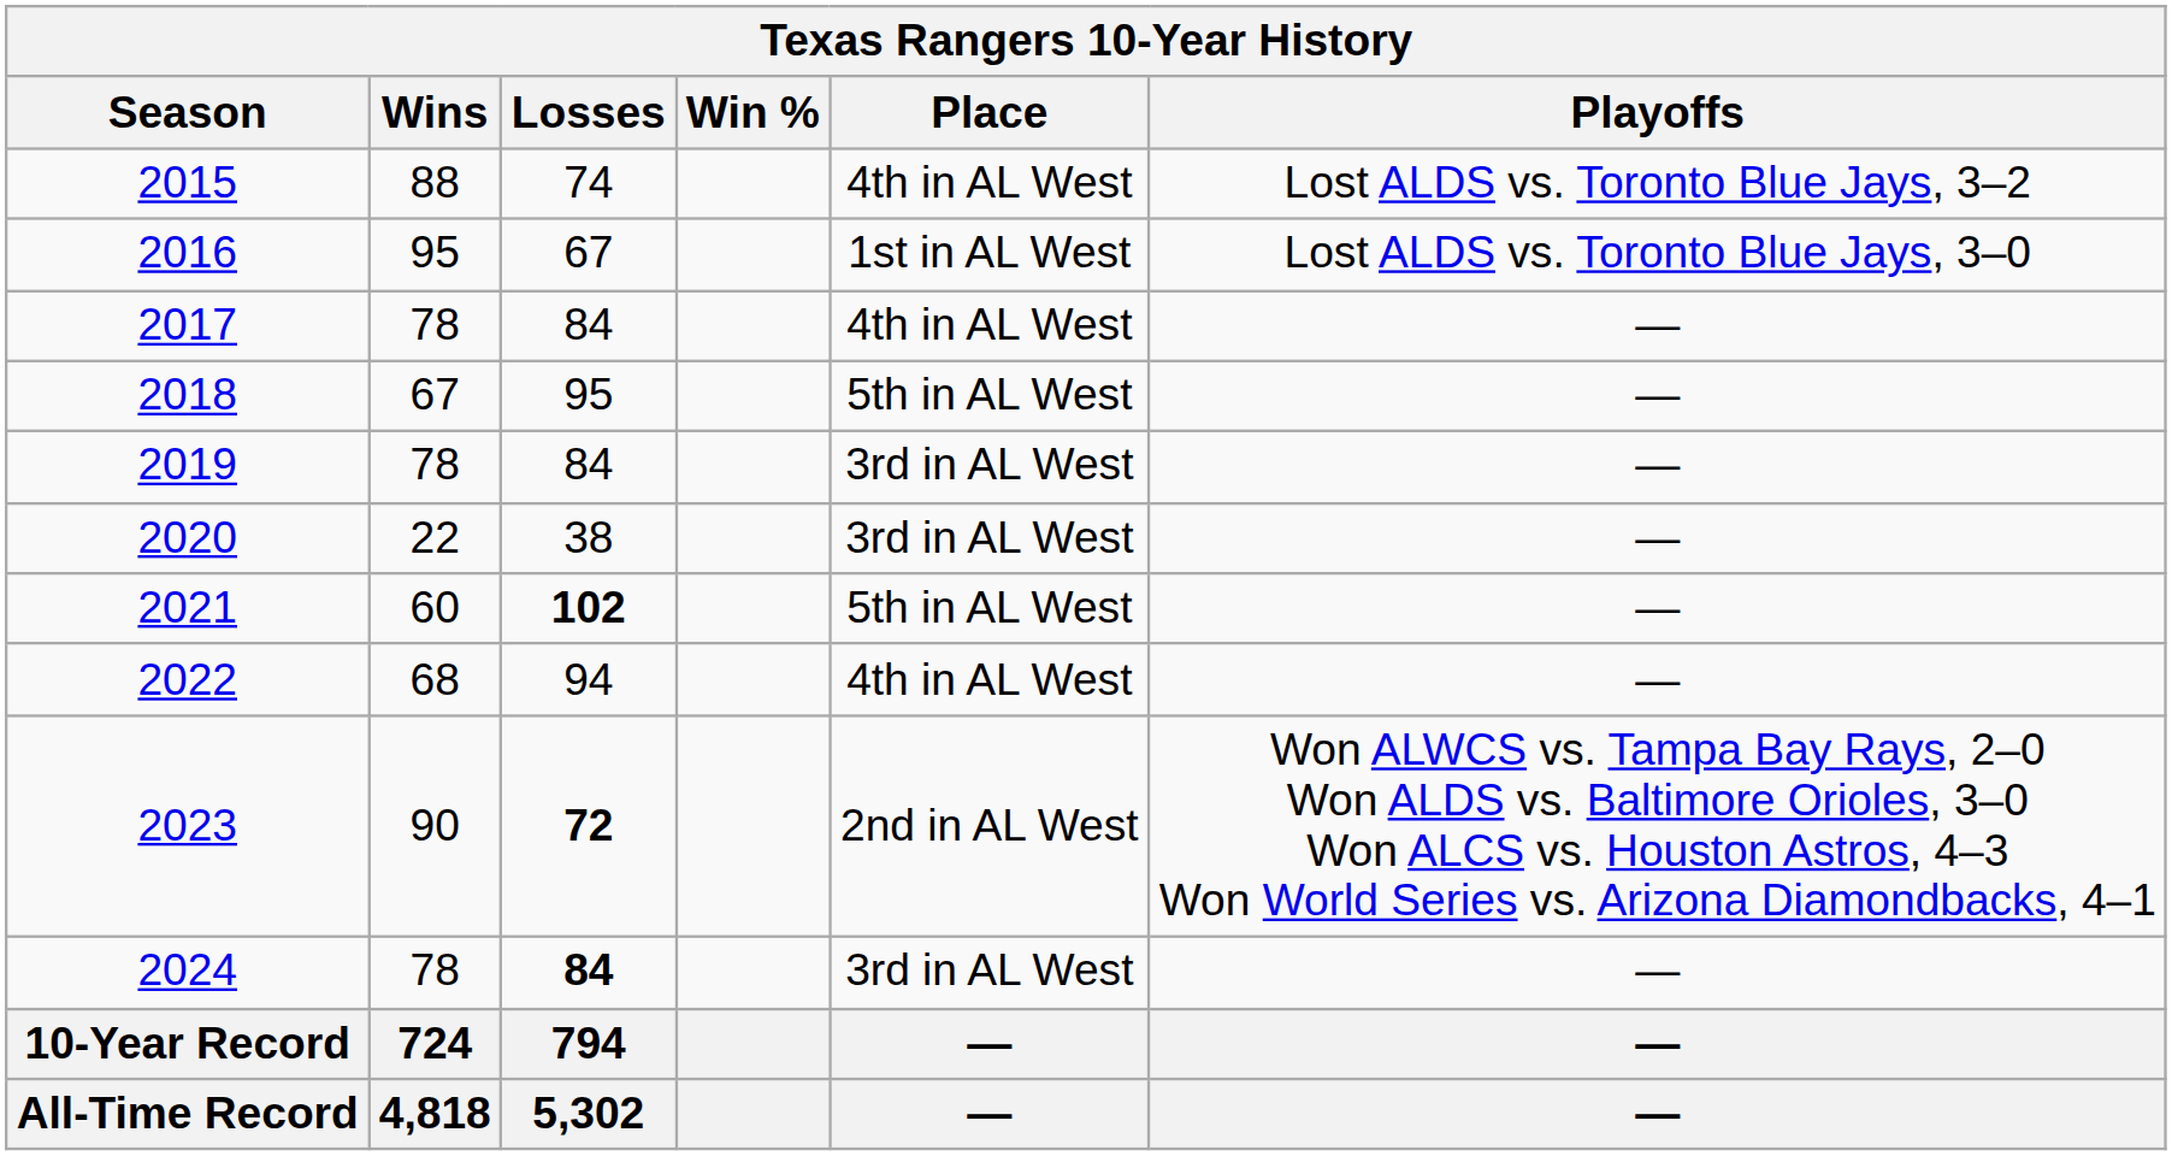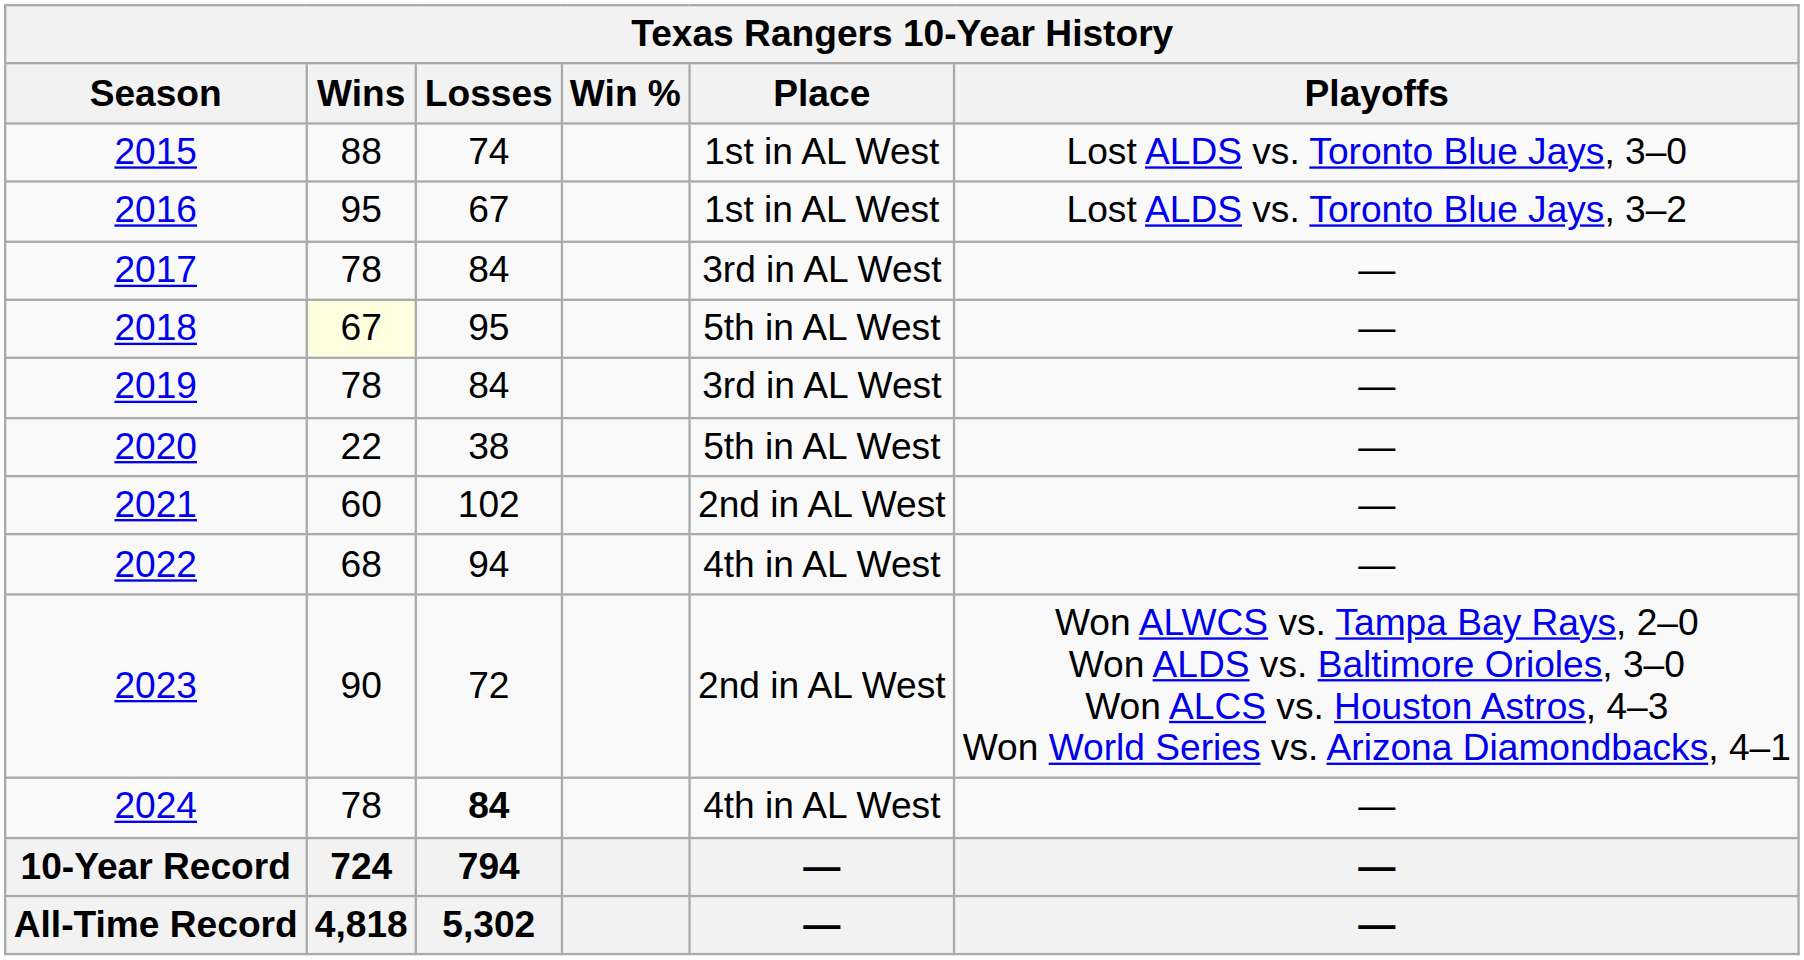 <table class="wikitable" style="text-align:center">
 <tr>
 <th colspan="6" !>Texas Rangers 10-Year History</th>
 </tr>
 <tr>
 <th>Season</th>
 <th>Wins</th>
 <th>Losses</th>
 <th>Win %</th>
 <th>Place</th>
 <th>Playoffs</th>
 </tr>
 <tr>
 <td><a href='#'>2015</a></td>
 <td>88</td>
 <td>74</td>
 <td></td>
-<td>4th in AL West</td>
-<td>Lost <a href='#'>ALDS</a> vs. <a href='#'>Toronto Blue Jays</a>, 3–2</td>
+<td>1st in AL West</td>
+<td>Lost <a href='#'>ALDS</a> vs. <a href='#'>Toronto Blue Jays</a>, 3–0</td>
 </tr>
 <tr>
 <td><a href='#'>2016</a></td>
 <td>95</td>
 <td>67</td>
 <td></td>
 <td>1st in AL West</td>
-<td>Lost <a href='#'>ALDS</a> vs. <a href='#'>Toronto Blue Jays</a>, 3–0</td>
+<td>Lost <a href='#'>ALDS</a> vs. <a href='#'>Toronto Blue Jays</a>, 3–2</td>
 </tr>
 <tr>
 <td><a href='#'>2017</a></td>
 <td>78</td>
 <td>84</td>
 <td></td>
-<td>4th in AL West</td>
+<td>3rd in AL West</td>
 <td>—</td>
 </tr>
 <tr>
 <td><a href='#'>2018</a></td>
-<td>67</td>
+<td style="background: lightyellow;">67</td>
 <td>95</td>
 <td></td>
 <td>5th in AL West</td>
 <td>—</td>
 </tr>
 <tr>
 <td><a href='#'>2019</a></td>
 <td>78</td>
 <td>84</td>
 <td></td>
 <td>3rd in AL West</td>
 <td>—</td>
 </tr>
 <tr>
 <td><a href='#'>2020</a></td>
 <td>22</td>
 <td>38</td>
 <td></td>
-<td>3rd in AL West</td>
+<td>5th in AL West</td>
 <td>—</td>
 </tr>
 <tr>
 <td><a href='#'>2021</a></td>
 <td>60</td>
-<td><strong>102</strong></td>
+<td>102</td>
 <td></td>
-<td>5th in AL West</td>
+<td>2nd in AL West</td>
 <td>—</td>
 </tr>
 <tr>
 <td><a href='#'>2022</a></td>
 <td>68</td>
 <td>94</td>
 <td></td>
 <td>4th in AL West</td>
 <td>—</td>
 </tr>
 <tr>
 <td><a href='#'>2023</a></td>
 <td>90</td>
-<td><strong>72</strong></td>
+<td>72</td>
 <td></td>
 <td>2nd in AL West</td>
 <td>Won <a href='#'>ALWCS</a> vs. <a href='#'>Tampa Bay Rays</a>, 2–0 <br> Won <a href='#'>ALDS</a> vs. <a href='#'>Baltimore Orioles</a>, 3–0 <br> Won <a href='#'>ALCS</a> vs. <a href='#'>Houston Astros</a>, 4–3 <br> Won <a href='#'>World Series</a> vs. <a href='#'>Arizona Diamondbacks</a>, 4–1</td>
 </tr>
 <tr>
 <td><a href='#'>2024</a></td>
 <td>78</td>
 <td><strong>84</strong></td>
 <td></td>
-<td>3rd in AL West</td>
+<td>4th in AL West</td>
 <td>—</td>
 </tr>
 <tr>
 <th><strong>10-Year Record</strong> </th>
 <th><strong>724</strong></th>
 <th><strong>794</strong></th>
 <th><strong></strong></th>
 <th>—</th>
 <th>—</th>
 </tr>
 <tr>
 <th><strong>All-Time Record</strong></th>
 <th><strong>4,818</strong></th>
 <th><strong>5,302</strong></th>
 <th><strong></strong></th>
 <th>—</th>
 <th>—</th>
 </tr>
 </table>
